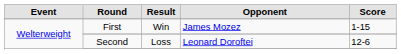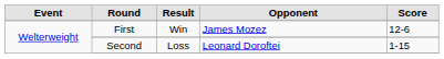 <table style='font-size: 85%; text-align: left;' class='wikitable' width='45%'>
 <tr>
 <th style='border-style: none none solid solid; background: #e3e3e3; width: 20%'><strong>Event</strong></th>
 <th style='border-style: none none solid solid; background: #e3e3e3; width: 15%'><strong>Round</strong></th>
 <th style='border-style: none none solid solid; background: #e3e3e3; width: 10%'><strong>Result</strong></th>
 <th style='border-style: none none solid solid; background: #e3e3e3; width: 43%'><strong>Opponent</strong></th>
 <th style='border-style: none none solid solid; background: #e3e3e3; width: 12%'><strong>Score</strong></th>
 </tr>
 <tr>
 </tr>
 <tr align=center>
 <td rowspan="4" style="text-align:center;"><a href='#'>Welterweight</a></td>
 <td align='center'>First</td>
 <td>Win</td>
 <td align='left'> <a href='#'>James Mozez</a></td>
-<td align='left'>1-15</td>
+<td align='left'>12-6</td>
 </tr>
 <tr>
 </tr>
 <tr align=center>
 <td align='center'>Second</td>
 <td>Loss</td>
 <td align='left'> <a href='#'>Leonard Doroftei</a></td>
-<td align='left'>12-6</td>
+<td align='left'>1-15</td>
 </tr>
 <tr>
 </tr>
 </table>
